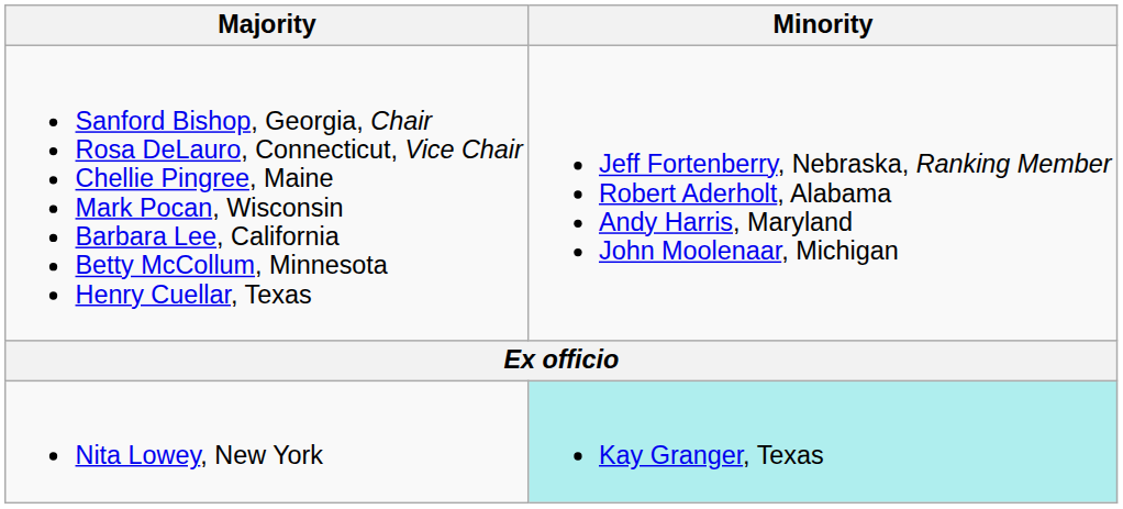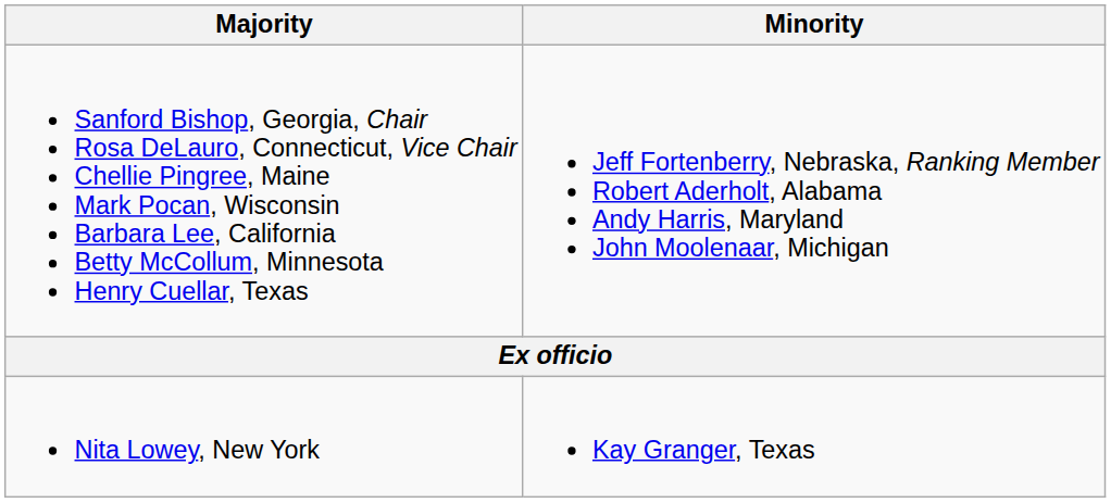 <table class=wikitable>
 <tr>
 <th>Majority</th>
 <th>Minority</th>
 </tr>
 <tr>
 <td><br><ul><li><a href='#'>Sanford Bishop</a>, Georgia, <em>Chair</em></li><li><a href='#'>Rosa DeLauro</a>, Connecticut, <em>Vice Chair</em></li><li><a href='#'>Chellie Pingree</a>, Maine</li><li><a href='#'>Mark Pocan</a>, Wisconsin</li><li><a href='#'>Barbara Lee</a>, California</li><li><a href='#'>Betty McCollum</a>, Minnesota</li><li><a href='#'>Henry Cuellar</a>, Texas</li></ul></td>
 <td><br><ul><li><a href='#'>Jeff Fortenberry</a>, Nebraska, <em>Ranking Member</em></li><li><a href='#'>Robert Aderholt</a>, Alabama</li><li><a href='#'>Andy Harris</a>, Maryland</li><li><a href='#'>John Moolenaar</a>, Michigan</li></ul></td>
 </tr>
 <tr>
 <th colspan=2><em>Ex officio</em></th>
 </tr>
 <tr>
 <td><br><ul><li><a href='#'>Nita Lowey</a>, New York</li></ul></td>
-<td style="background: paleturquoise;"><br><ul><li><a href='#'>Kay Granger</a>, Texas</li></ul></td>
+<td><br><ul><li><a href='#'>Kay Granger</a>, Texas</li></ul></td>
 </tr>
 </table>
